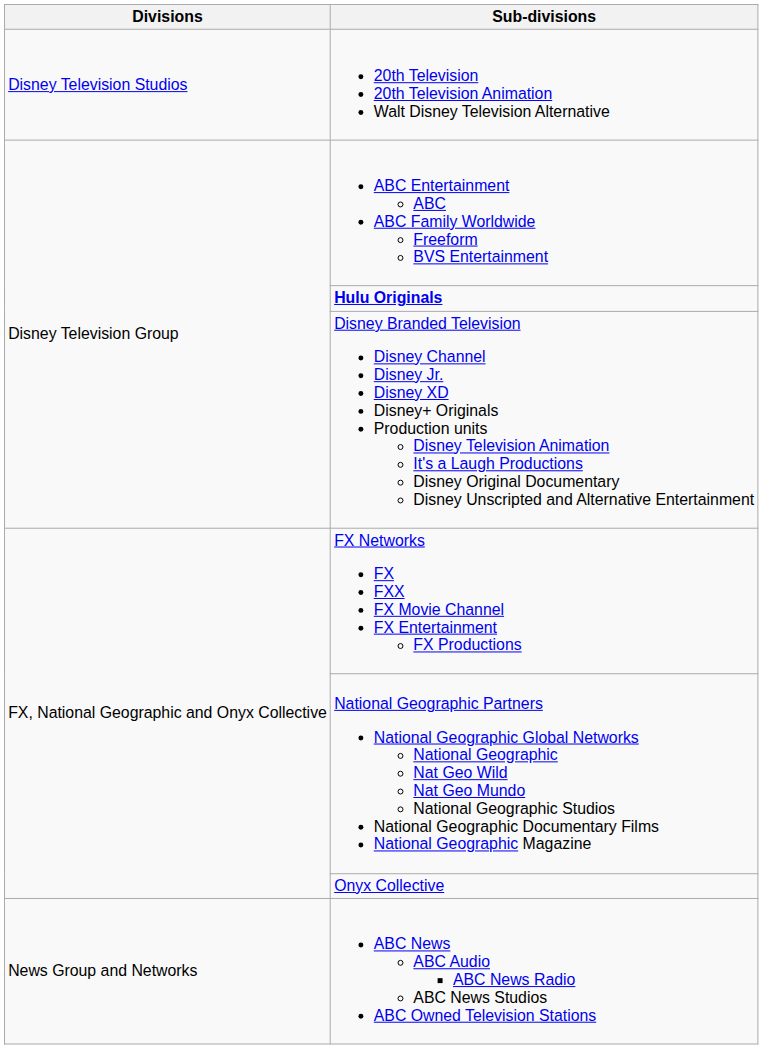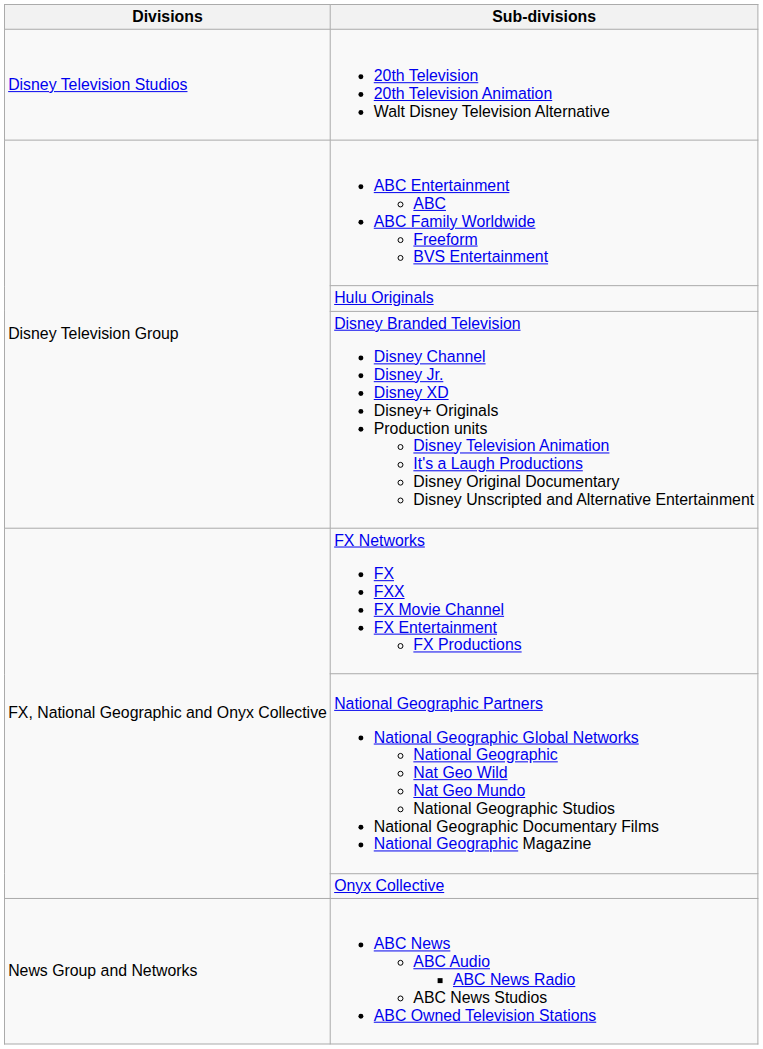 <table class="wikitable">
 <tr>
 <th>Divisions</th>
 <th>Sub-divisions</th>
 </tr>
 <tr>
 <td> <a href='#'>Disney Television Studios</a></td>
 <td><br><ul><li><a href='#'>20th Television</a></li><li><a href='#'>20th Television Animation</a></li><li>Walt Disney Television Alternative</li></ul></td>
 </tr>
 <tr>
 <td rowspan="3">Disney Television Group</td>
 <td><br><ul><li><a href='#'>ABC Entertainment</a><ul><li><a href='#'>ABC</a></li></ul></li><li><a href='#'>ABC Family Worldwide</a><ul><li><a href='#'>Freeform</a></li><li><a href='#'>BVS Entertainment</a></li></ul></li></ul></td>
 </tr>
 <tr>
-<td><strong><a href='#'>Hulu Originals</a></strong></td>
+<td><a href='#'>Hulu Originals</a></td>
 </tr>
 <tr>
 <td><a href='#'>Disney Branded Television</a><br><ul><li><a href='#'>Disney Channel</a></li><li><a href='#'>Disney Jr.</a></li><li><a href='#'>Disney XD</a></li><li>Disney+ Originals</li><li>Production units<ul><li><a href='#'>Disney Television Animation</a></li><li><a href='#'>It's a Laugh Productions</a></li><li>Disney Original Documentary</li><li>Disney Unscripted and Alternative Entertainment</li></ul></li></ul></td>
 </tr>
 <tr>
 <td rowspan=3>FX, National Geographic and Onyx Collective</td>
 <td><a href='#'>FX Networks</a><br><ul><li><a href='#'>FX</a></li><li><a href='#'>FXX</a></li><li><a href='#'>FX Movie Channel</a></li><li><a href='#'>FX Entertainment</a><ul><li><a href='#'>FX Productions</a></li></ul></li></ul></td>
 </tr>
 <tr>
 <td><br><a href='#'>National Geographic Partners</a><ul><li><a href='#'>National Geographic Global Networks</a><ul><li><a href='#'>National Geographic</a></li><li><a href='#'>Nat Geo Wild</a></li><li><a href='#'>Nat Geo Mundo</a></li><li>National Geographic Studios</li></ul></li><li>National Geographic Documentary Films</li><li><a href='#'>National Geographic</a> Magazine</li></ul></td>
 </tr>
 <tr>
 <td><a href='#'>Onyx Collective</a></td>
 </tr>
 <tr>
 <td>News Group and Networks</td>
 <td><br><ul><li><a href='#'>ABC News</a><ul><li><a href='#'>ABC Audio</a><ul><li><a href='#'>ABC News Radio</a></li></ul></li><li>ABC News Studios</li></ul></li><li><a href='#'>ABC Owned Television Stations</a></li></ul></td>
 </tr>
 </table>
